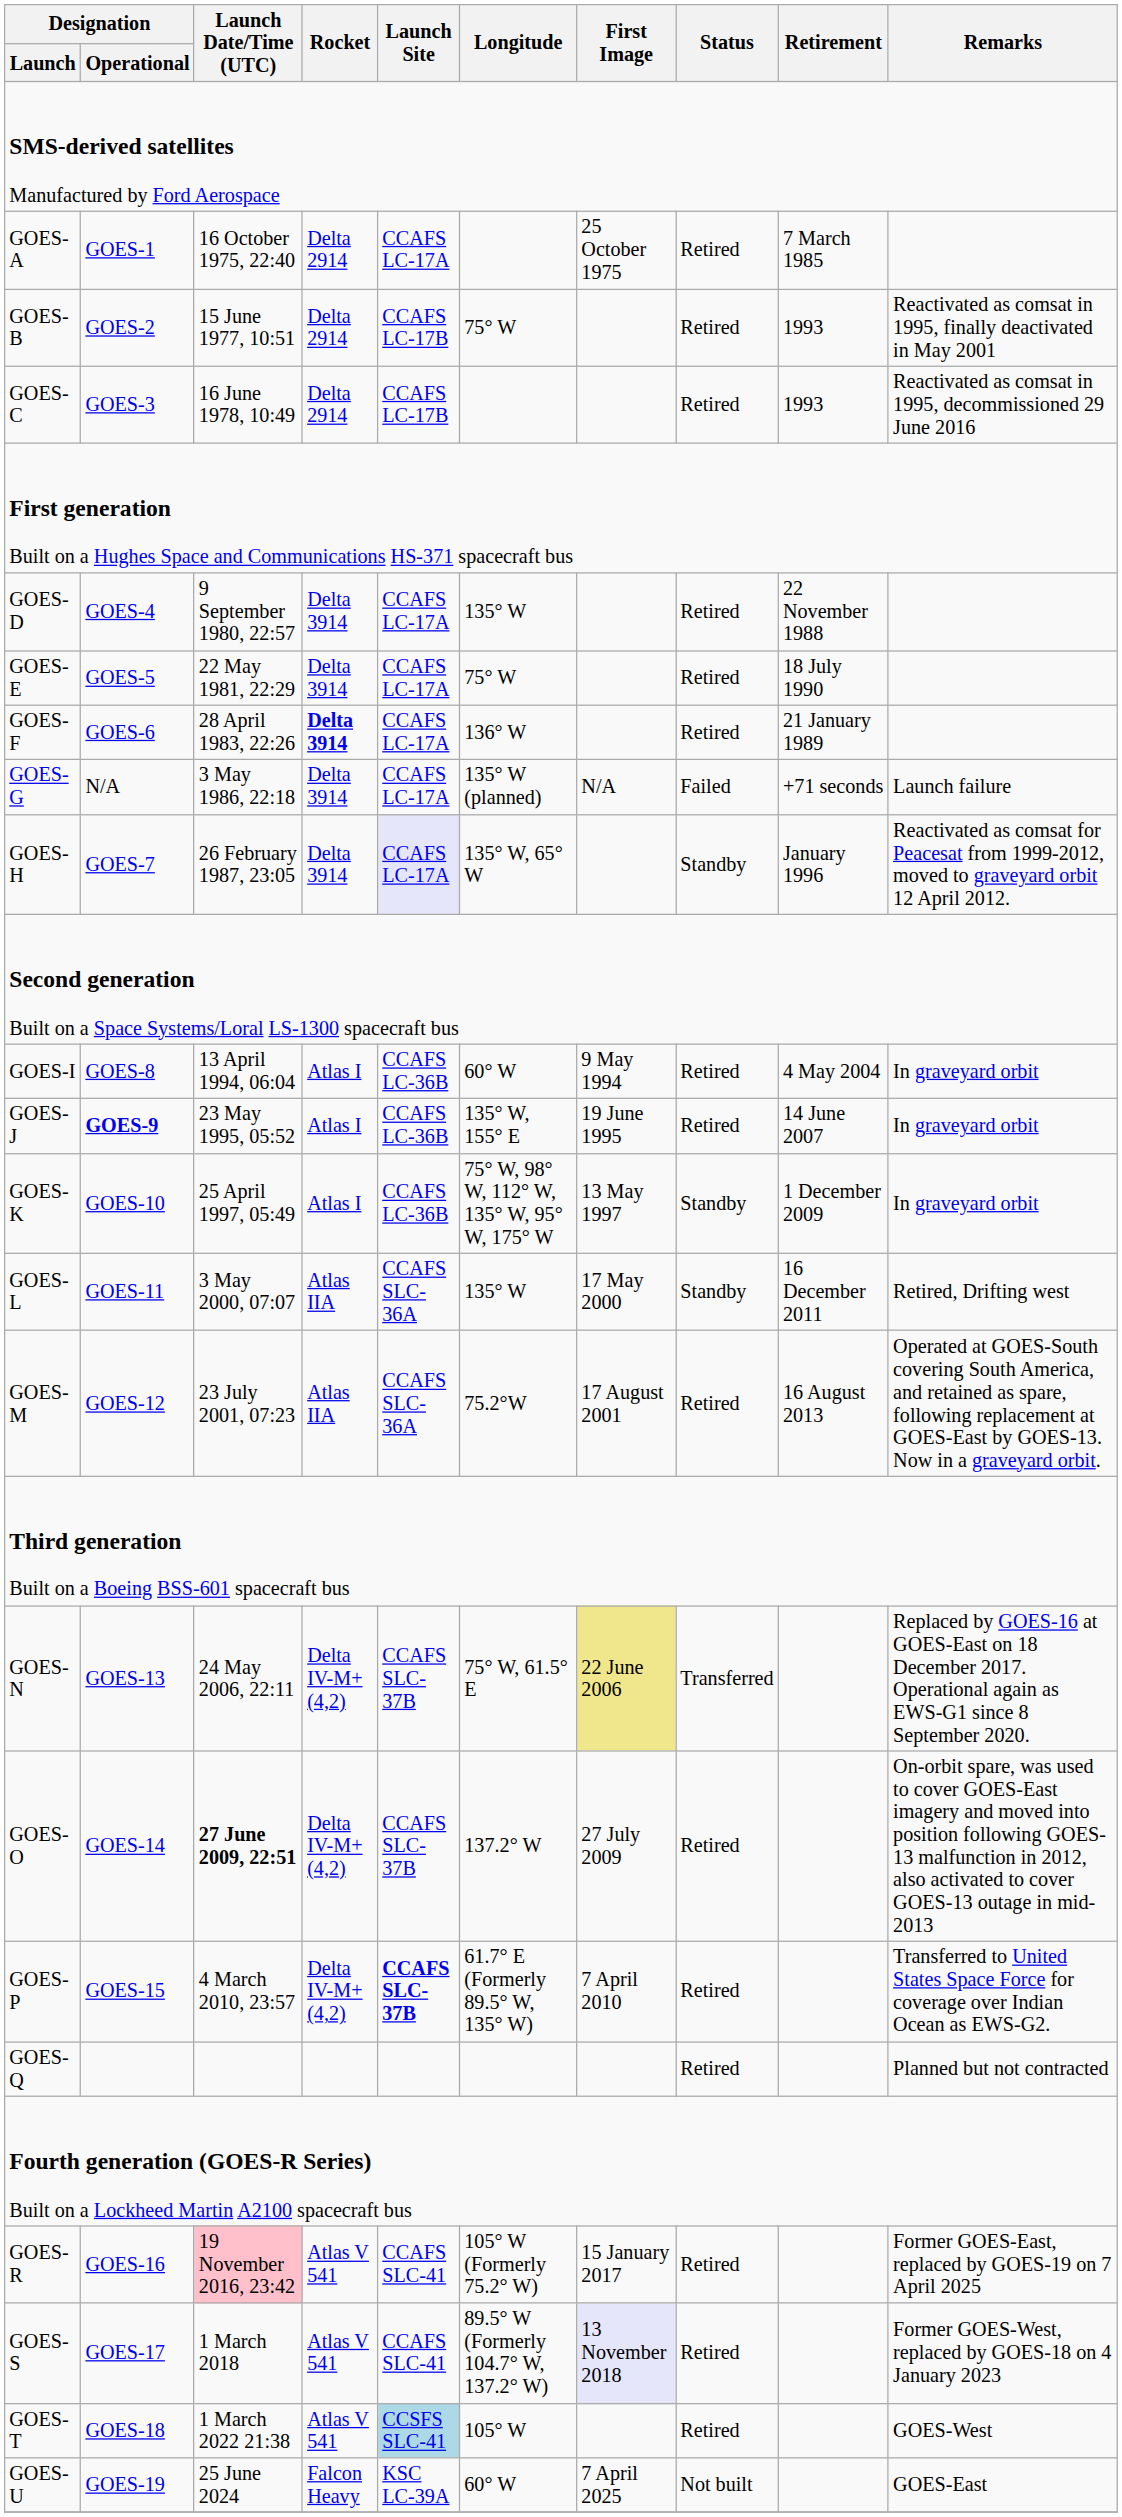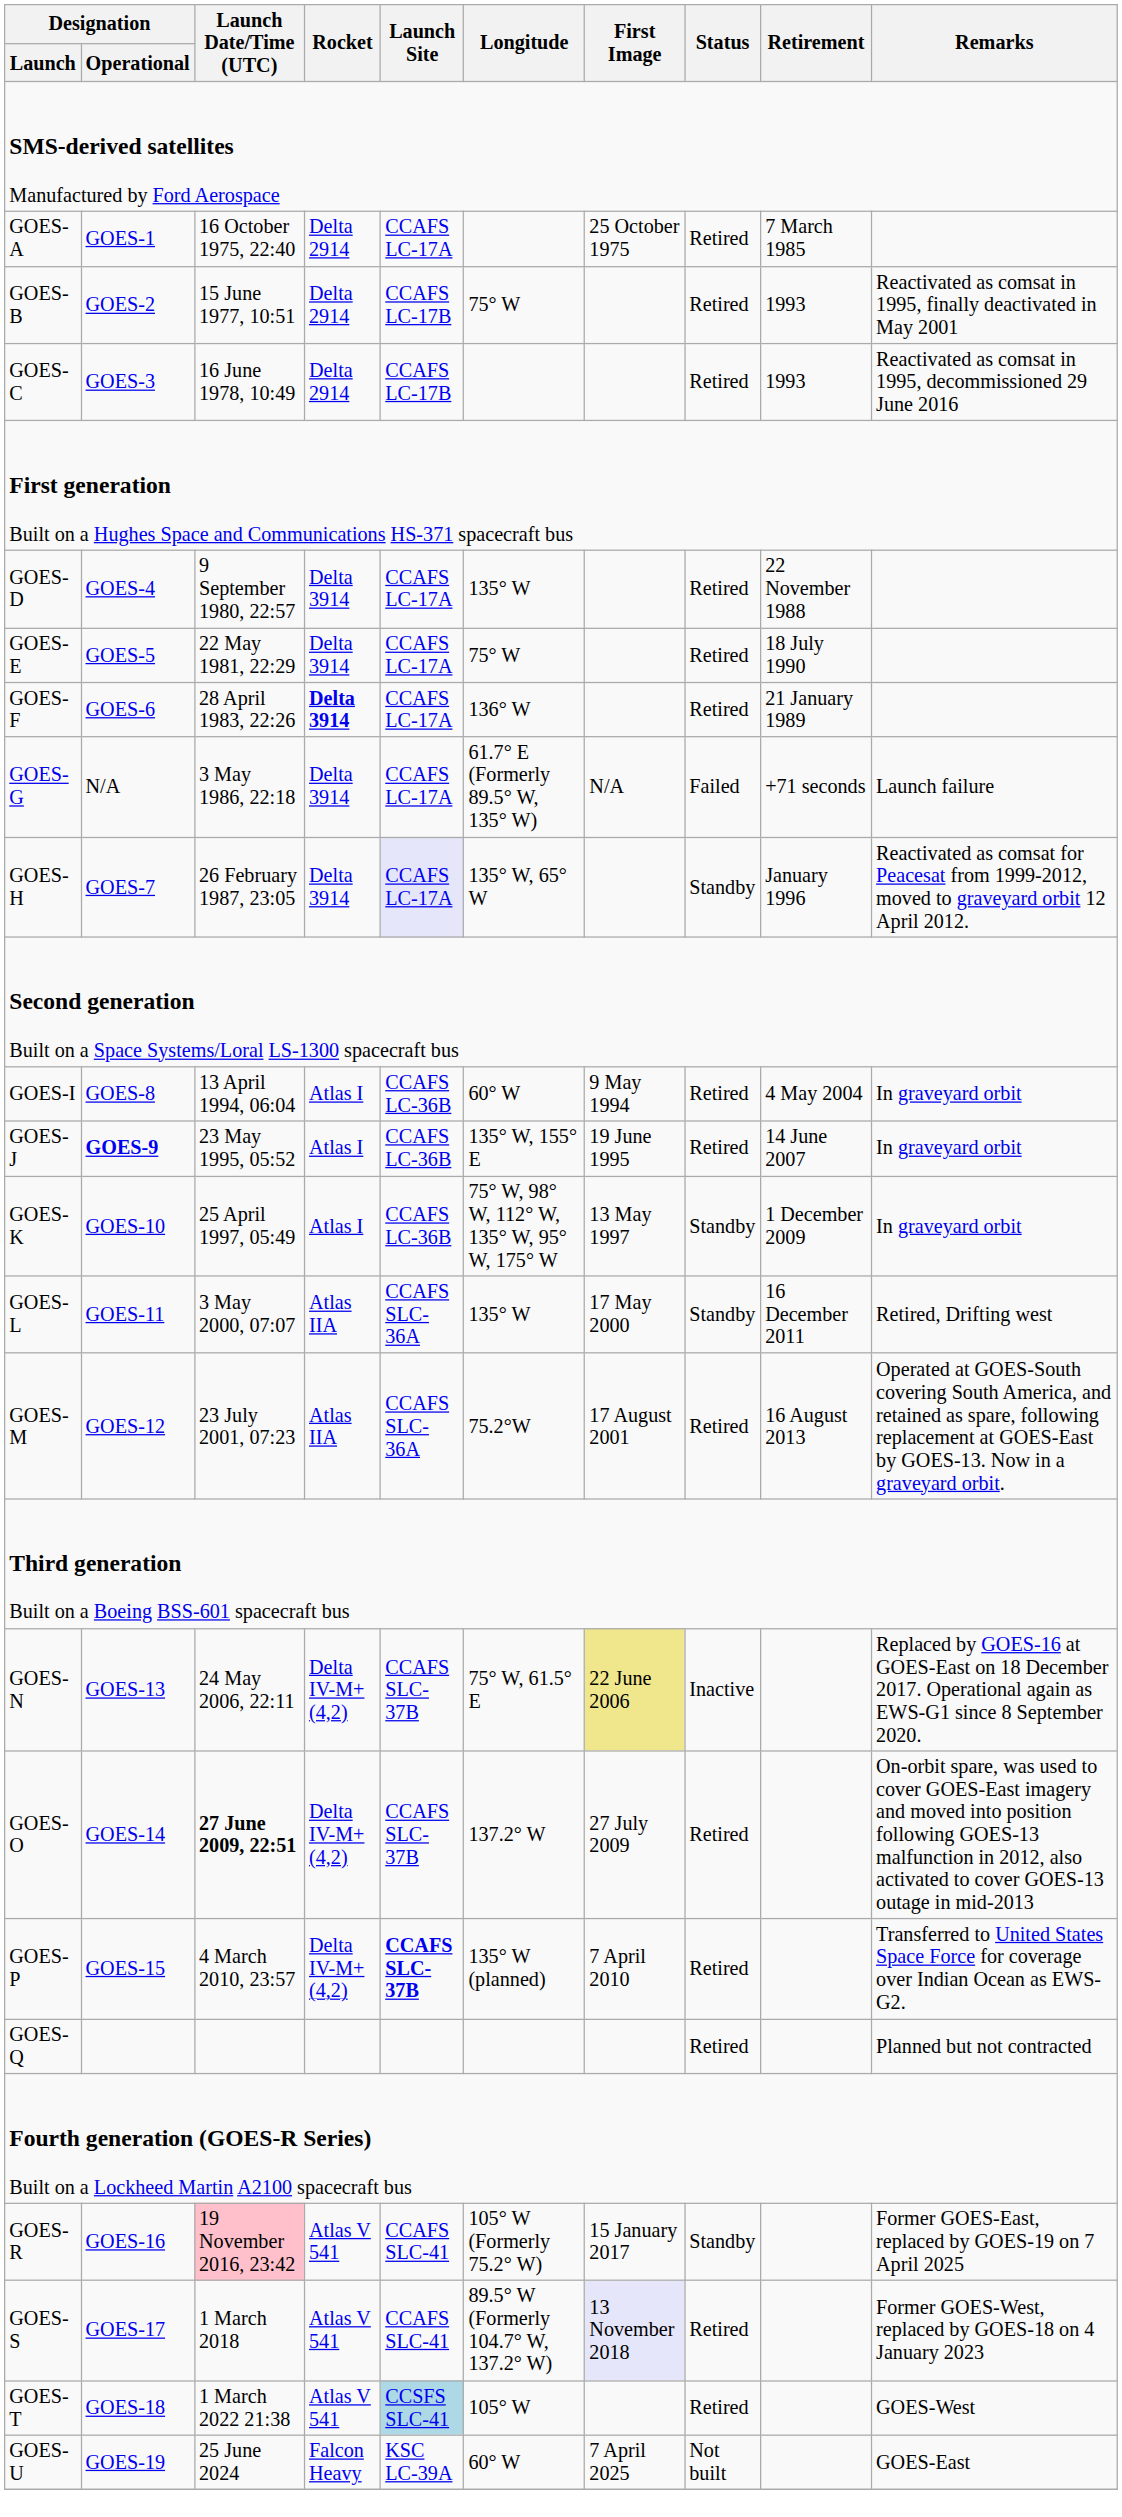 <table class = "wikitable" width="100%">
 <tr>
 <th colspan=2>Designation</th>
 <th rowspan=2>Launch Date/Time (UTC)</th>
 <th rowspan=2>Rocket</th>
 <th rowspan=2>Launch Site</th>
 <th rowspan=2>Longitude</th>
 <th rowspan=2>First Image</th>
 <th rowspan=2>Status</th>
 <th rowspan=2>Retirement</th>
 <th rowspan=2>Remarks</th>
 </tr>
 <tr>
 <th>Launch</th>
 <th>Operational</th>
 </tr>
 <tr>
 <td colspan=10><br><h3>SMS-derived satellites</h3>Manufactured by <a href='#'>Ford Aerospace</a></td>
 </tr>
 <tr>
 <td>GOES-A</td>
 <td><a href='#'>GOES-1</a></td>
 <td>16 October 1975, 22:40</td>
 <td><a href='#'>Delta 2914</a></td>
 <td><a href='#'>CCAFS</a> <a href='#'>LC-17A</a></td>
 <td></td>
 <td>25 October  1975</td>
 <td>Retired</td>
 <td>7 March 1985</td>
 <td></td>
 </tr>
 <tr>
 <td>GOES-B</td>
 <td><a href='#'>GOES-2</a></td>
 <td>15 June 1977, 10:51</td>
 <td><a href='#'>Delta 2914</a></td>
 <td><a href='#'>CCAFS</a> <a href='#'>LC-17B</a></td>
 <td>75° W</td>
 <td></td>
 <td>Retired</td>
 <td>1993</td>
 <td>Reactivated as comsat in 1995, finally deactivated in May 2001</td>
 </tr>
 <tr>
 <td>GOES-C</td>
 <td><a href='#'>GOES-3</a></td>
 <td>16 June 1978, 10:49</td>
 <td><a href='#'>Delta 2914</a></td>
 <td><a href='#'>CCAFS</a> <a href='#'>LC-17B</a></td>
 <td></td>
 <td></td>
 <td>Retired</td>
 <td>1993</td>
 <td>Reactivated as comsat in 1995, decommissioned 29 June 2016</td>
 </tr>
 <tr>
 <td colspan=10><br><h3>First generation</h3>Built on a <a href='#'>Hughes Space and Communications</a> <a href='#'>HS-371</a> spacecraft bus</td>
 </tr>
 <tr>
 <td>GOES-D</td>
 <td><a href='#'>GOES-4</a></td>
 <td>9 September 1980, 22:57</td>
 <td><a href='#'>Delta 3914</a></td>
 <td><a href='#'>CCAFS</a> <a href='#'>LC-17A</a></td>
 <td>135° W</td>
 <td></td>
 <td>Retired</td>
 <td>22 November 1988</td>
 <td></td>
 </tr>
 <tr>
 <td>GOES-E</td>
 <td><a href='#'>GOES-5</a></td>
 <td>22 May 1981, 22:29</td>
 <td><a href='#'>Delta 3914</a></td>
 <td><a href='#'>CCAFS</a> <a href='#'>LC-17A</a></td>
 <td>75° W</td>
 <td></td>
 <td>Retired</td>
 <td>18 July 1990</td>
 <td></td>
 </tr>
 <tr>
 <td>GOES-F</td>
 <td><a href='#'>GOES-6</a></td>
 <td>28 April 1983, 22:26</td>
 <td><strong><a href='#'>Delta 3914</a></strong></td>
 <td><a href='#'>CCAFS</a> <a href='#'>LC-17A</a></td>
 <td>136° W</td>
 <td></td>
 <td>Retired</td>
 <td>21 January 1989</td>
 <td></td>
 </tr>
 <tr>
 <td><a href='#'>GOES-G</a></td>
 <td>N/A</td>
 <td>3 May 1986, 22:18</td>
 <td><a href='#'>Delta 3914</a></td>
 <td><a href='#'>CCAFS</a> <a href='#'>LC-17A</a></td>
-<td>135° W (planned)</td>
+<td>61.7° E (Formerly 89.5° W, 135° W)</td>
 <td>N/A</td>
 <td>Failed</td>
 <td>+71 seconds</td>
 <td>Launch failure</td>
 </tr>
 <tr>
 <td>GOES-H</td>
 <td><a href='#'>GOES-7</a></td>
 <td>26 February 1987, 23:05</td>
 <td><a href='#'>Delta 3914</a></td>
 <td style="background: lavender;"><a href='#'>CCAFS</a> <a href='#'>LC-17A</a></td>
 <td>135° W, 65° W</td>
 <td></td>
 <td>Standby</td>
 <td>January 1996</td>
 <td>Reactivated as comsat for <a href='#'>Peacesat</a> from 1999-2012, moved to <a href='#'>graveyard orbit</a> 12 April 2012.</td>
 </tr>
 <tr>
 <td colspan=10><br><h3>Second generation</h3>Built on a <a href='#'>Space Systems/Loral</a> <a href='#'>LS-1300</a> spacecraft bus</td>
 </tr>
 <tr>
 <td>GOES-I</td>
 <td><a href='#'>GOES-8</a></td>
 <td>13 April 1994, 06:04</td>
 <td><a href='#'>Atlas I</a></td>
 <td><a href='#'>CCAFS</a> <a href='#'>LC-36B</a></td>
 <td>60° W</td>
 <td>9 May 1994</td>
 <td>Retired</td>
 <td>4 May 2004</td>
 <td>In <a href='#'>graveyard orbit</a></td>
 </tr>
 <tr>
 <td>GOES-J</td>
 <td><strong><a href='#'>GOES-9</a></strong></td>
 <td>23 May 1995, 05:52</td>
 <td><a href='#'>Atlas I</a></td>
 <td><a href='#'>CCAFS</a> <a href='#'>LC-36B</a></td>
 <td>135° W, 155° E</td>
 <td>19 June 1995</td>
 <td>Retired</td>
 <td>14 June 2007</td>
 <td>In <a href='#'>graveyard orbit</a></td>
 </tr>
 <tr>
 <td>GOES-K</td>
 <td><a href='#'>GOES-10</a></td>
 <td>25 April 1997, 05:49</td>
 <td><a href='#'>Atlas I</a></td>
 <td><a href='#'>CCAFS</a> <a href='#'>LC-36B</a></td>
 <td>75° W, 98° W, 112° W, 135° W, 95° W, 175° W</td>
 <td>13 May 1997</td>
 <td>Standby</td>
 <td>1 December 2009</td>
 <td>In <a href='#'>graveyard orbit</a></td>
 </tr>
 <tr>
 <td>GOES-L</td>
 <td><a href='#'>GOES-11</a></td>
 <td>3 May 2000, 07:07</td>
 <td><a href='#'>Atlas IIA</a></td>
 <td><a href='#'>CCAFS</a> <a href='#'>SLC-36A</a></td>
 <td>135° W</td>
 <td>17 May 2000</td>
 <td>Standby</td>
 <td>16 December 2011</td>
 <td>Retired, Drifting west</td>
 </tr>
 <tr>
 <td>GOES-M</td>
 <td><a href='#'>GOES-12</a></td>
 <td>23 July 2001, 07:23</td>
 <td><a href='#'>Atlas IIA</a></td>
 <td><a href='#'>CCAFS</a> <a href='#'>SLC-36A</a></td>
 <td>75.2°W </td>
 <td>17 August 2001</td>
 <td>Retired</td>
 <td>16 August 2013</td>
 <td>Operated at GOES-South covering South America, and retained as spare, following replacement at GOES-East by GOES-13. Now in a <a href='#'>graveyard orbit</a>.</td>
 </tr>
 <tr>
 <td colspan=10><br><h3>Third generation</h3>Built on a <a href='#'>Boeing</a> <a href='#'>BSS-601</a> spacecraft bus</td>
 </tr>
 <tr>
 <td>GOES-N</td>
 <td><a href='#'>GOES-13</a></td>
 <td>24 May 2006, 22:11</td>
 <td><a href='#'>Delta IV-M+(4,2)</a></td>
 <td><a href='#'>CCAFS</a> <a href='#'>SLC-37B</a></td>
 <td>75° W, 61.5° E</td>
 <td style="background: khaki;">22 June 2006</td>
-<td>Transferred</td>
+<td>Inactive</td>
 <td></td>
 <td>Replaced by <a href='#'>GOES-16</a> at GOES-East on 18 December 2017. Operational again as EWS-G1 since 8 September 2020.</td>
 </tr>
 <tr>
 <td>GOES-O</td>
 <td><a href='#'>GOES-14</a></td>
 <td><strong>27 June 2009, 22:51</strong></td>
 <td><a href='#'>Delta IV-M+(4,2)</a></td>
 <td><a href='#'>CCAFS</a> <a href='#'>SLC-37B</a></td>
 <td>137.2° W</td>
 <td>27 July 2009</td>
 <td>Retired</td>
 <td></td>
 <td>On-orbit spare, was used to cover GOES-East imagery and moved into position following GOES-13 malfunction in 2012, also activated to cover GOES-13 outage in mid-2013</td>
 </tr>
 <tr>
 <td>GOES-P</td>
 <td><a href='#'>GOES-15</a></td>
 <td>4 March 2010, 23:57</td>
 <td><a href='#'>Delta IV-M+(4,2)</a></td>
 <td><strong><a href='#'>CCAFS</a> <a href='#'>SLC-37B</a></strong></td>
-<td>61.7° E (Formerly 89.5° W, 135° W)</td>
+<td>135° W (planned)</td>
 <td>7 April 2010</td>
 <td>Retired</td>
 <td></td>
 <td>Transferred to <a href='#'>United States Space Force</a> for coverage over Indian Ocean as EWS-G2.</td>
 </tr>
 <tr>
 <td>GOES-Q</td>
 <td></td>
 <td></td>
 <td></td>
 <td></td>
 <td></td>
 <td></td>
 <td>Retired</td>
 <td></td>
 <td>Planned but not contracted</td>
 </tr>
 <tr>
 <td colspan=10><br><h3>Fourth generation (GOES-R Series)</h3>Built on a <a href='#'>Lockheed Martin</a> <a href='#'>A2100</a> spacecraft bus</td>
 </tr>
 <tr>
 <td>GOES-R</td>
 <td><a href='#'>GOES-16</a></td>
 <td style="background: pink;">19 November 2016, 23:42</td>
 <td><a href='#'>Atlas V 541</a></td>
 <td><a href='#'>CCAFS</a> <a href='#'>SLC-41</a></td>
 <td>105° W (Formerly 75.2° W)</td>
 <td>15 January 2017</td>
-<td>Retired</td>
+<td>Standby</td>
 <td></td>
 <td>Former GOES-East, replaced by GOES-19 on 7 April 2025</td>
 </tr>
 <tr>
 <td>GOES-S</td>
 <td><a href='#'>GOES-17</a></td>
 <td>1 March 2018</td>
 <td><a href='#'>Atlas V 541</a></td>
 <td><a href='#'>CCAFS</a> <a href='#'>SLC-41</a></td>
 <td>89.5° W (Formerly 104.7° W, 137.2° W)</td>
 <td style="background: lavender;">13 November 2018</td>
 <td>Retired</td>
 <td></td>
 <td>Former GOES-West, replaced by GOES-18 on 4 January 2023</td>
 </tr>
 <tr>
 <td>GOES-T</td>
 <td><a href='#'>GOES-18</a></td>
 <td>1 March 2022 21:38</td>
 <td><a href='#'>Atlas V 541</a></td>
 <td style="background: lightblue;"><a href='#'>CCSFS</a> <a href='#'>SLC-41</a></td>
 <td>105° W</td>
 <td></td>
 <td>Retired</td>
 <td></td>
 <td>GOES-West</td>
 </tr>
 <tr>
 <td>GOES-U</td>
 <td><a href='#'>GOES-19</a></td>
 <td>25 June 2024</td>
 <td><a href='#'>Falcon Heavy</a></td>
 <td><a href='#'>KSC</a> <a href='#'>LC-39A</a></td>
 <td>60° W</td>
 <td>7 April 2025</td>
 <td>Not built</td>
 <td></td>
 <td>GOES-East</td>
 </tr>
 <tr>
 </tr>
 </table>
